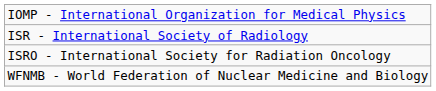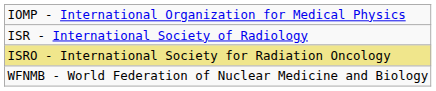 <table class="wikitable">
 <tr>
 <td>IOMP - <a href='#'>International Organization for Medical Physics</a></td>
 </tr>
 <tr>
 <td>ISR - <a href='#'>International Society of Radiology</a></td>
 </tr>
 <tr>
-<td>ISRO - International Society for Radiation Oncology</td>
+<td style="background: khaki;">ISRO - International Society for Radiation Oncology</td>
 </tr>
 <tr>
 <td>WFNMB - World Federation of Nuclear Medicine and Biology</td>
 </tr>
 </table>
